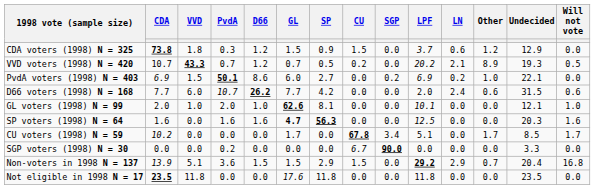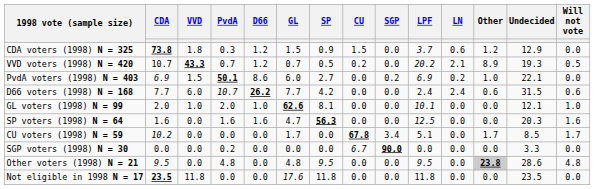 <table class="wikitable sortable" style="text-align:center;font-size:90%;line-height:14px">
 <tr style="height:40px;">
 <th rowspan="2">1998 vote (sample size)</th>
 <th style="width:40px;"><a href='#'>CDA</a></th>
 <th style="width:40px;"><a href='#'>VVD</a></th>
 <th style="width:40px;"><a href='#'>PvdA</a></th>
 <th style="width:40px;"><a href='#'>D66</a></th>
 <th style="width:40px;"><a href='#'>GL</a></th>
 <th style="width:40px;"><a href='#'>SP</a></th>
 <th style="width:40px;"><a href='#'>CU</a></th>
 <th style="width:40px;"><a href='#'>SGP</a></th>
 <th style="width:40px;"><a href='#'>LPF</a></th>
 <th style="width:40px;"><a href='#'>LN</a></th>
 <th style="width:40px;">Other</th>
 <th style="width:40px;">Undecided</th>
 <th style="width:40px;">Will not vote</th>
 </tr>
 <tr>
 <th style="background:"></th>
 <th style="background:"></th>
 <th style="background:"></th>
 <th style="background:"></th>
 <th style="background:"></th>
 <th style="background:"></th>
 <th style="background:"></th>
 <th style="background:"></th>
 <th style="background:"></th>
 <th style="background:"></th>
 <th></th>
 <th></th>
 <th></th>
 </tr>
 <tr>
 <td align="left">CDA voters (1998) <strong>N = 325</strong></td>
 <td style="background:"><u><strong>73.8</strong></u></td>
 <td>1.8</td>
 <td>0.3</td>
 <td>1.2</td>
 <td>1.5</td>
 <td>0.9</td>
 <td>1.5</td>
 <td>0.0</td>
 <td style="background:"><em>3.7</em></td>
 <td>0.6</td>
 <td>1.2</td>
 <td>12.9</td>
 <td>0.0</td>
 </tr>
 <tr>
 <td align="left">VVD voters (1998) <strong>N = 420</strong></td>
 <td>10.7</td>
 <td style="background:"><u><strong>43.3</strong></u></td>
 <td>0.7</td>
 <td>1.2</td>
 <td>0.7</td>
 <td>0.5</td>
 <td>0.2</td>
 <td>0.0</td>
 <td style="background:"><em>20.2</em></td>
 <td>2.1</td>
 <td>8.9</td>
 <td>19.3</td>
 <td>0.5</td>
 </tr>
 <tr>
 <td align="left">PvdA voters (1998) <strong>N = 403</strong></td>
 <td style="background:"><em>6.9</em></td>
 <td>1.5</td>
 <td style="background:"><u><strong>50.1</strong></u></td>
 <td>8.6</td>
 <td>6.0</td>
 <td>2.7</td>
 <td>0.0</td>
 <td>0.2</td>
 <td style="background:"><em>6.9</em></td>
 <td>0.2</td>
 <td>1.0</td>
 <td>22.1</td>
 <td>0.0</td>
 </tr>
 <tr>
 <td align="left">D66 voters (1998) <strong>N = 168</strong></td>
 <td>7.7</td>
 <td>6.0</td>
 <td style="background:"><em>10.7</em></td>
 <td style="background:"><u><strong>26.2</strong></u></td>
 <td>7.7</td>
 <td>4.2</td>
 <td>0.0</td>
 <td>0.0</td>
-<td>2.0</td>
+<td>2.4</td>
 <td>2.4</td>
 <td>0.6</td>
 <td>31.5</td>
 <td>0.6</td>
 </tr>
 <tr>
 <td align="left">GL voters (1998) <strong>N = 99</strong></td>
 <td>2.0</td>
 <td>1.0</td>
 <td>2.0</td>
 <td>1.0</td>
 <td style="background:"><u><strong>62.6</strong></u></td>
 <td>8.1</td>
 <td>0.0</td>
 <td>0.0</td>
 <td style="background:"><em>10.1</em></td>
 <td>0.0</td>
 <td>0.0</td>
 <td>12.1</td>
 <td>1.0</td>
 </tr>
 <tr>
 <td align="left">SP voters (1998) <strong>N = 64</strong></td>
 <td>1.6</td>
 <td>0.0</td>
 <td>1.6</td>
 <td>1.6</td>
-<td><strong>4.7</strong></td>
+<td>4.7</td>
 <td style="background:"><u><strong>56.3</strong></u></td>
 <td>0.0</td>
 <td>0.0</td>
 <td style="background:"><em>12.5</em></td>
 <td>0.0</td>
 <td>0.0</td>
 <td>20.3</td>
 <td>1.6</td>
 </tr>
 <tr>
 <td align="left">CU voters (1998) <strong>N = 59</strong></td>
 <td style="background:"><em>10.2</em></td>
 <td>0.0</td>
 <td>0.0</td>
 <td>0.0</td>
 <td>1.7</td>
 <td>0.0</td>
 <td style="background:"><u><strong>67.8</strong></u></td>
 <td>3.4</td>
 <td>5.1</td>
 <td>0.0</td>
 <td>1.7</td>
 <td>8.5</td>
 <td>1.7</td>
 </tr>
 <tr>
 <td align="left">SGP voters (1998) <strong>N = 30</strong></td>
 <td>0.0</td>
 <td>0.0</td>
 <td>0.2</td>
 <td>0.0</td>
 <td>0.0</td>
 <td>0.0</td>
 <td style="background:"><em>6.7</em></td>
 <td style="background:"><u><strong>90.0</strong></u></td>
 <td>0.0</td>
 <td>0.0</td>
 <td>0.0</td>
 <td>3.3</td>
 <td>0.0</td>
 </tr>
 <tr>
-<td align="left">Non‑voters in 1998 <strong>N = 137</strong></td>
-<td style="background:"><em>13.9</em></td>
-<td>5.1</td>
-<td>3.6</td>
-<td>1.5</td>
-<td>1.5</td>
-<td>2.9</td>
-<td>1.5</td>
+<td align="left">Other voters (1998) <strong>N = 21</strong></td>
+<td style="background:"><em>9.5</em></td>
 <td>0.0</td>
-<td style="background:"><u><strong>29.2</strong></u></td>
-<td>2.9</td>
-<td>0.7</td>
-<td>20.4</td>
-<td>16.8</td>
+<td>4.8</td>
+<td>0.0</td>
+<td>4.8</td>
+<td style="background:"><em>9.5</em></td>
+<td>0.0</td>
+<td>0.0</td>
+<td style="background:"><em>9.5</em></td>
+<td>0.0</td>
+<td style="background:#CCCCCC"><u><strong>23.8</strong></u></td>
+<td>28.6</td>
+<td>4.8</td>
 </tr>
 <tr>
 <td align="left">Not eligible in 1998 <strong>N = 17</strong></td>
 <td style="background:"><u><strong>23.5</strong></u></td>
 <td>11.8</td>
 <td>0.0</td>
 <td>0.0</td>
 <td style="background:"><em>17.6</em></td>
 <td>11.8</td>
 <td>0.0</td>
 <td>0.0</td>
 <td>11.8</td>
 <td>0.0</td>
 <td>0.0</td>
 <td>23.5</td>
 <td>0.0</td>
 </tr>
 </table>
